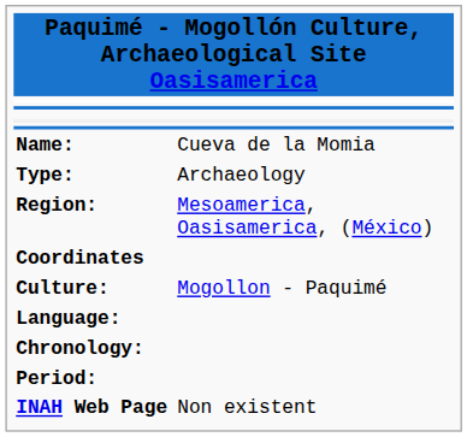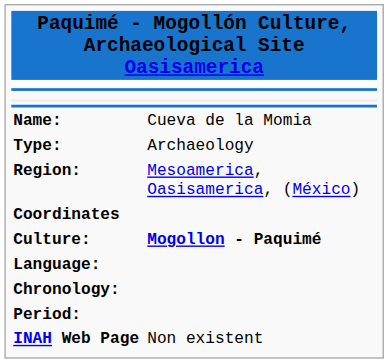 <table class="infobox" style="font-size:90%; text-align:left; width:23.5em">
 <tr>
 <td colspan="3" bgcolor=#1874CD style="text-align: center; font-size: larger;"><span><strong>Paquimé - Mogollón Culture, Archaeological Site <a href='#'>Oasisamerica</a></strong></span></td>
 </tr>
 <tr style="vertical-align: top; text-align: center;">
 <td colspan=3 bgcolor="#FFFFFF" align="center"></td>
 </tr>
 <tr>
 <td colspan="2" bgcolor=#1874CD></td>
 </tr>
 <tr>
 <td colspan=2></td>
 </tr>
 <tr>
 <td style="background:#efefef;"align="center" colspan="2"></td>
 </tr>
 <tr>
 <td colspan="2" bgcolor=#1874CD></td>
 </tr>
 <tr>
 <td><strong>Name:</strong></td>
 <td><span> Cueva de la Momia</span></td>
 </tr>
 <tr>
 <td><strong>Type:</strong></td>
 <td>Archaeology</td>
 </tr>
 <tr>
 <td><strong>Region:</strong></td>
 <td><a href='#'>Mesoamerica</a>, <a href='#'>Oasisamerica</a>, (<a href='#'>México</a>)</td>
 </tr>
 <tr>
 <td><strong>Coordinates</strong></td>
 <td></td>
 </tr>
 <tr>
 <td><strong>Culture:</strong></td>
-<td><a href='#'>Mogollon</a> - Paquimé</td>
+<td><strong><a href='#'>Mogollon</a> - Paquimé</strong></td>
 </tr>
 <tr>
 <td><strong>Language:</strong></td>
 <td></td>
 </tr>
 <tr>
 <td><strong>Chronology:</strong></td>
 <td></td>
 </tr>
 <tr>
 <td><strong>Period:</strong></td>
 <td></td>
 </tr>
 <tr>
 <td><strong> <a href='#'>INAH</a> Web Page </strong></td>
 <td>Non existent</td>
 </tr>
 </table>
